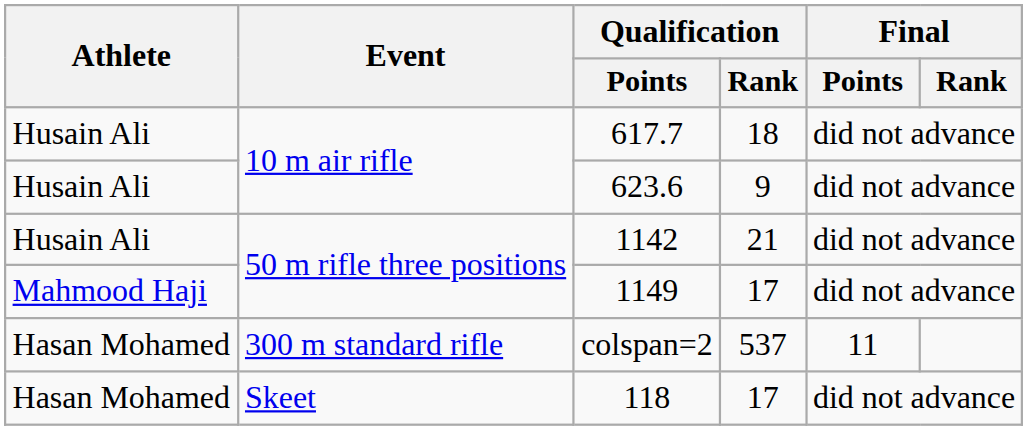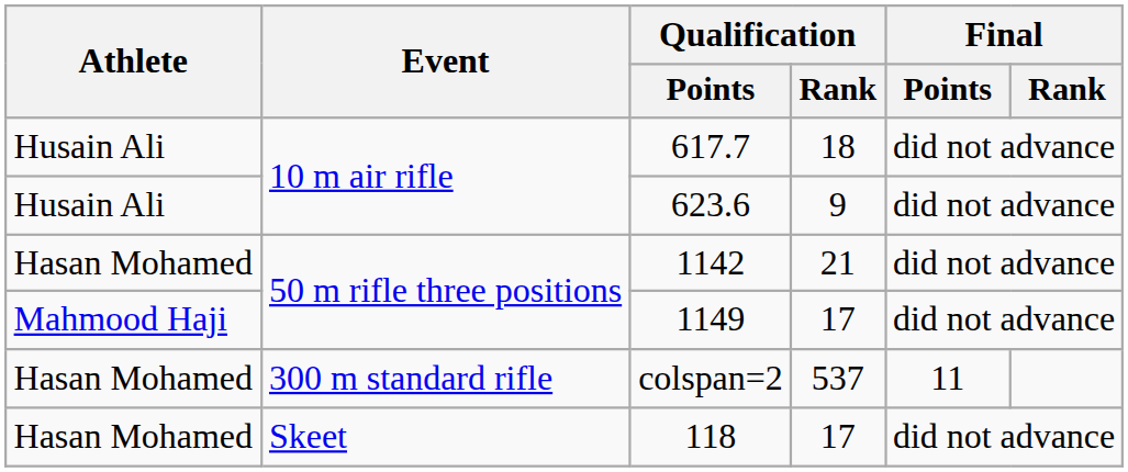 <table class=wikitable style=font-size:90%;text-align:center>
 <tr>
 <th rowspan="2">Athlete</th>
 <th rowspan="2">Event</th>
 <th colspan=2>Qualification</th>
 <th colspan=2>Final</th>
 </tr>
 <tr style="font-size:95%">
 <th>Points</th>
 <th>Rank</th>
 <th>Points</th>
 <th>Rank</th>
 </tr>
 <tr>
 <td align=left>Husain Ali</td>
 <td align=left rowspan=2><a href='#'>10 m air rifle</a></td>
 <td>617.7</td>
 <td>18</td>
 <td colspan=2>did not advance</td>
 </tr>
 <tr>
 <td align=left>Husain Ali</td>
 <td>623.6</td>
 <td>9</td>
 <td colspan=2>did not advance</td>
 </tr>
 <tr>
-<td align=left>Husain Ali</td>
+<td align=left>Hasan Mohamed</td>
 <td align=left rowspan=2><a href='#'>50 m rifle three positions</a></td>
 <td>1142</td>
 <td>21</td>
 <td colspan=2>did not advance</td>
 </tr>
 <tr>
 <td align=left><a href='#'>Mahmood Haji</a></td>
 <td>1149</td>
 <td>17</td>
 <td colspan=2>did not advance</td>
 </tr>
 <tr>
 <td align=left>Hasan Mohamed</td>
 <td align=left><a href='#'>300 m standard rifle</a></td>
 <td>colspan=2 </td>
 <td>537</td>
 <td>11</td>
 </tr>
 <tr>
 <td align=left>Hasan Mohamed</td>
 <td align=left><a href='#'>Skeet</a></td>
 <td>118</td>
 <td>17</td>
 <td colspan=2>did not advance</td>
 </tr>
 </table>
